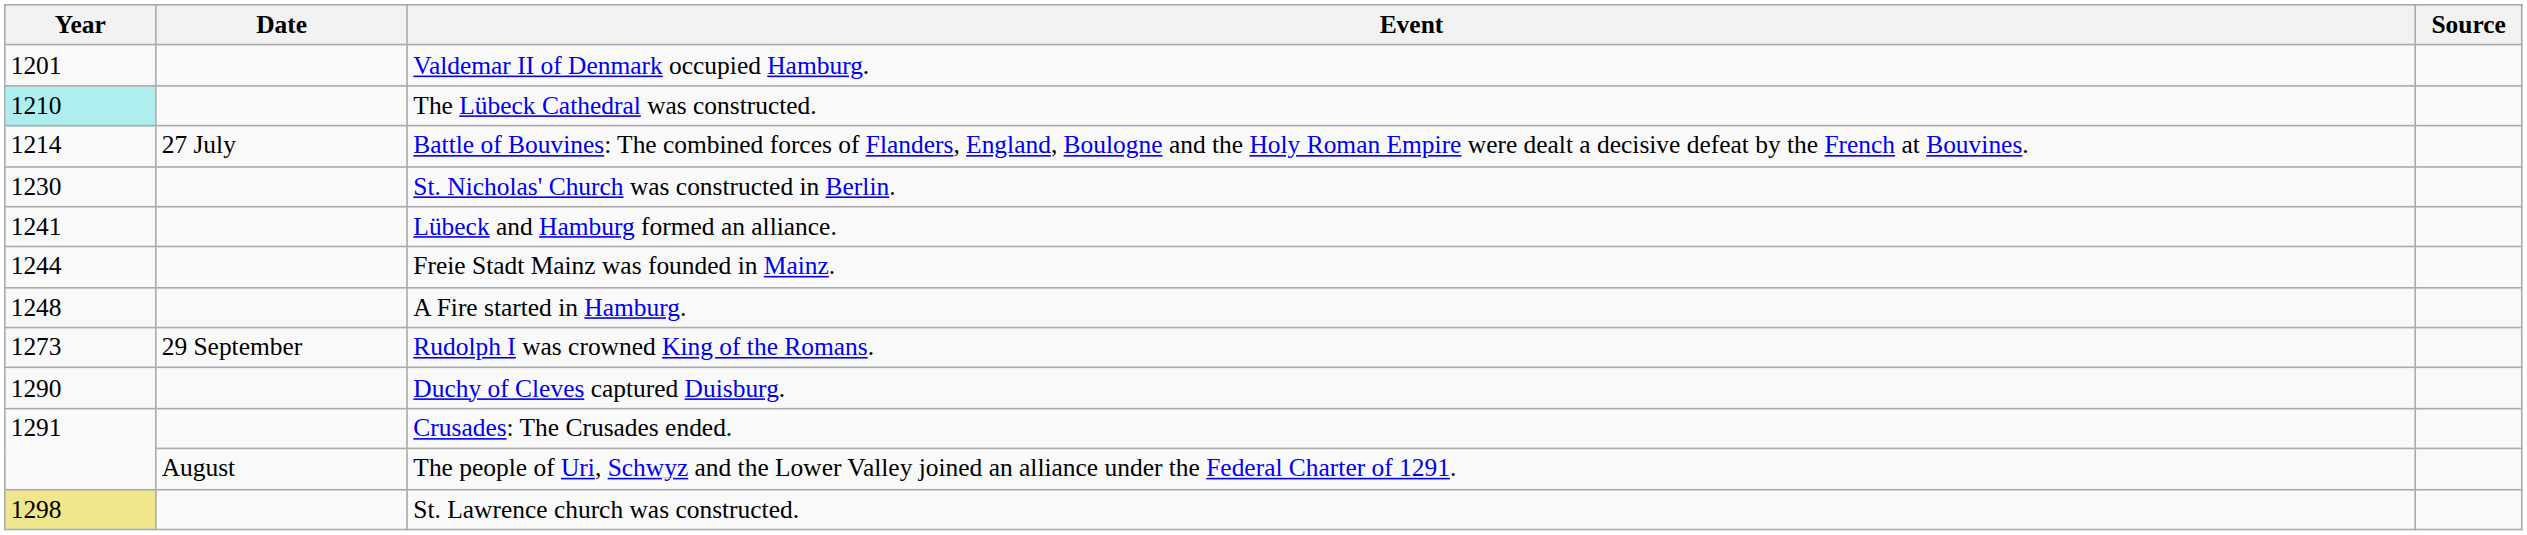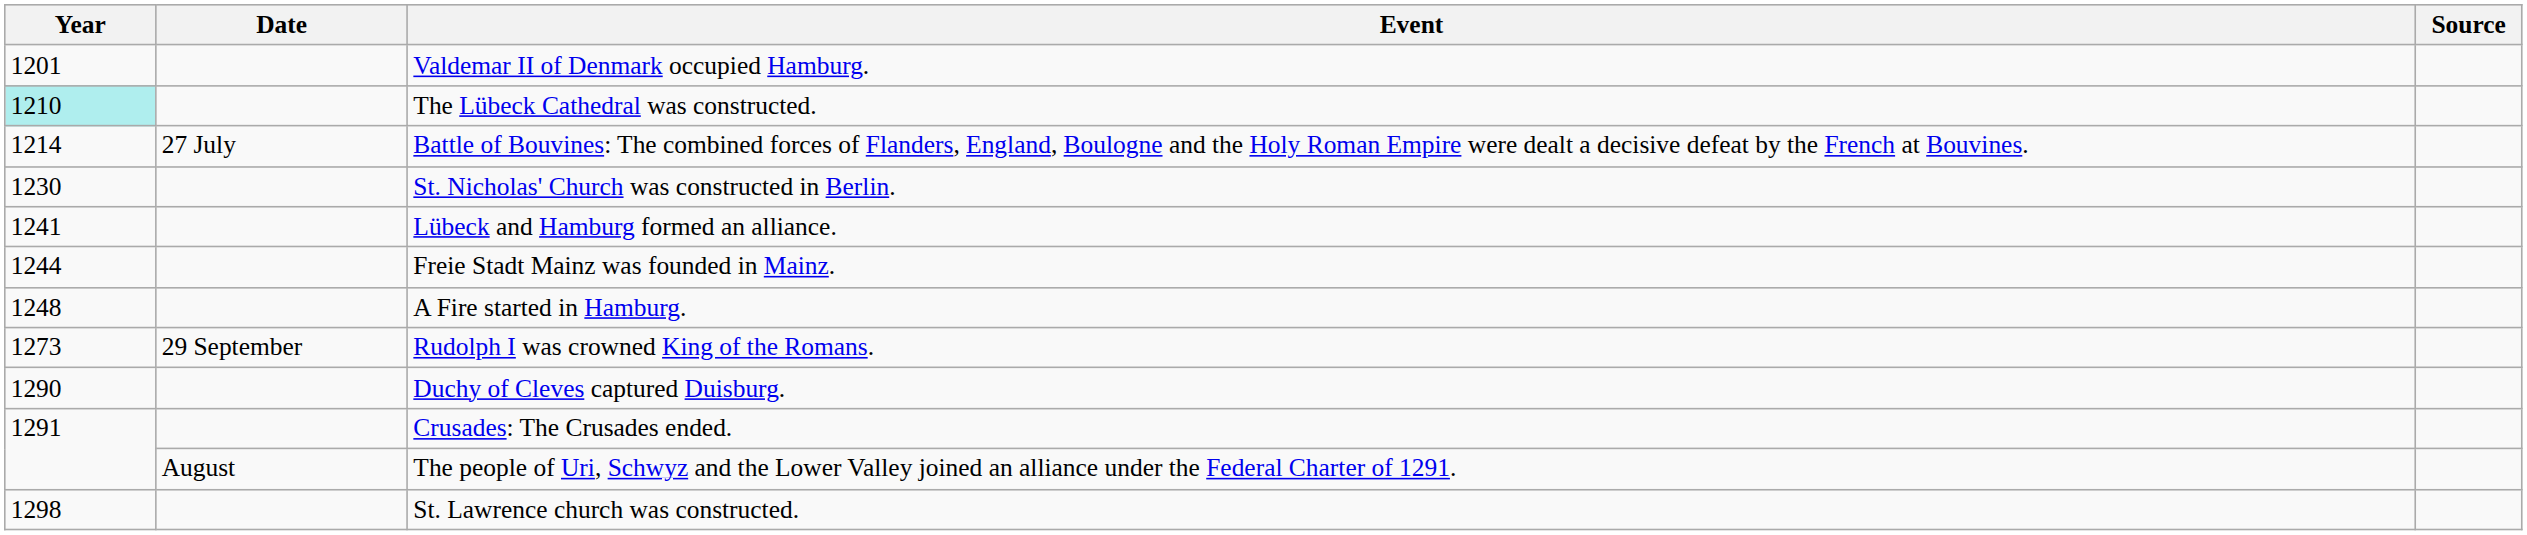 <table class="wikitable" width="100%">
 <tr>
 <th style="width:6%">Year</th>
 <th style="width:10%">Date</th>
 <th>Event</th>
 <th>Source</th>
 </tr>
 <tr>
 <td>1201</td>
 <td></td>
 <td><a href='#'>Valdemar II of Denmark</a> occupied <a href='#'>Hamburg</a>.</td>
 <td></td>
 </tr>
 <tr>
 <td style="background: paleturquoise;">1210</td>
 <td></td>
 <td>The <a href='#'>Lübeck Cathedral</a> was constructed.</td>
 <td></td>
 </tr>
 <tr>
 <td>1214</td>
 <td>27 July</td>
 <td><a href='#'>Battle of Bouvines</a>: The combined forces of <a href='#'>Flanders</a>, <a href='#'>England</a>, <a href='#'>Boulogne</a> and the <a href='#'>Holy Roman Empire</a> were dealt a decisive defeat by the <a href='#'>French</a> at <a href='#'>Bouvines</a>.</td>
 <td></td>
 </tr>
 <tr>
 <td>1230</td>
 <td></td>
 <td><a href='#'>St. Nicholas' Church</a> was constructed in <a href='#'>Berlin</a>.</td>
 <td></td>
 </tr>
 <tr>
 <td>1241</td>
 <td></td>
 <td><a href='#'>Lübeck</a> and <a href='#'>Hamburg</a> formed an alliance.</td>
 <td></td>
 </tr>
 <tr>
 <td>1244</td>
 <td></td>
 <td>Freie Stadt Mainz was founded in <a href='#'>Mainz</a>.</td>
 <td></td>
 </tr>
 <tr>
 <td>1248</td>
 <td></td>
 <td>A Fire started in <a href='#'>Hamburg</a>.</td>
 <td></td>
 </tr>
 <tr>
 <td>1273</td>
 <td>29 September</td>
 <td><a href='#'>Rudolph I</a> was crowned <a href='#'>King of the Romans</a>.</td>
 <td></td>
 </tr>
 <tr>
 <td>1290</td>
 <td></td>
 <td><a href='#'>Duchy of Cleves</a> captured <a href='#'>Duisburg</a>.</td>
 <td></td>
 </tr>
 <tr>
 <td rowspan="2" valign="top">1291</td>
 <td></td>
 <td><a href='#'>Crusades</a>: The Crusades ended.</td>
 <td></td>
 </tr>
 <tr>
 <td>August</td>
 <td>The people of <a href='#'>Uri</a>, <a href='#'>Schwyz</a> and the Lower Valley joined an alliance under the <a href='#'>Federal Charter of 1291</a>.</td>
 <td></td>
 </tr>
 <tr>
-<td style="background: khaki;">1298</td>
+<td>1298</td>
 <td></td>
 <td>St. Lawrence church was constructed.</td>
 <td></td>
 </tr>
 </table>
